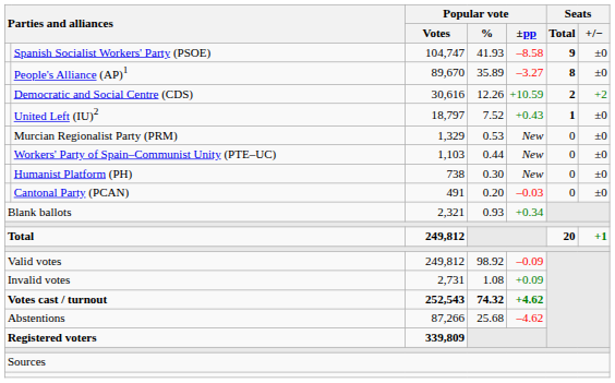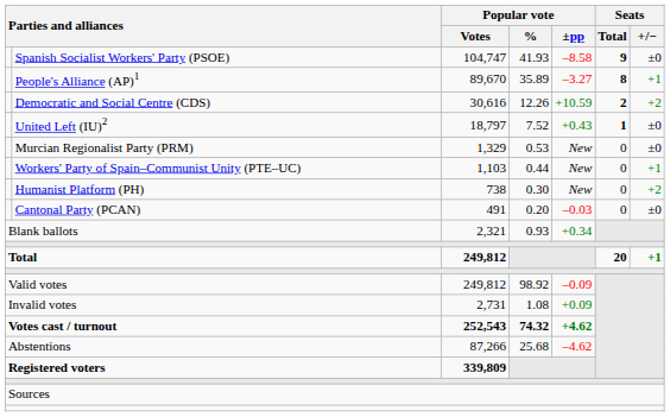 <table class="wikitable" style="text-align:right;">
 <tr>
 <th style="text-align:left;" rowspan="2" colspan="2" width="525">Parties and alliances</th>
 <th colspan="3">Popular vote</th>
 <th colspan="2">Seats</th>
 </tr>
 <tr>
 <th width="75">Votes</th>
 <th width="45">%</th>
 <th width="45">±<a href='#'>pp</a></th>
 <th width="35">Total</th>
 <th width="35">+/−</th>
 </tr>
 <tr>
 <td width="1" style="color:inherit;background:"></td>
 <td align="left"><a href='#'>Spanish Socialist Workers' Party</a> (PSOE)</td>
 <td>104,747</td>
 <td>41.93</td>
 <td style="color:red;">–8.58</td>
 <td><strong>9</strong></td>
 <td>±0</td>
 </tr>
 <tr>
 <td style="color:inherit;background:"></td>
 <td align="left"><a href='#'>People's Alliance</a> (AP)<sup>1</sup></td>
 <td>89,670</td>
 <td>35.89</td>
 <td style="color:red;">–3.27</td>
 <td><strong>8</strong></td>
-<td>±0</td>
+<td style="color:green;">+1</td>
 </tr>
 <tr>
 <td style="color:inherit;background:"></td>
 <td align="left"><a href='#'>Democratic and Social Centre</a> (CDS)</td>
 <td>30,616</td>
 <td>12.26</td>
 <td style="color:green;">+10.59</td>
 <td><strong>2</strong></td>
 <td style="color:green;">+2</td>
 </tr>
 <tr>
 <td style="color:inherit;background:"></td>
 <td align="left"><a href='#'>United Left</a> (IU)<sup>2</sup></td>
 <td>18,797</td>
 <td>7.52</td>
 <td style="color:green;">+0.43</td>
 <td><strong>1</strong></td>
 <td>±0</td>
 </tr>
 <tr>
 <td style="color:inherit;background:"></td>
 <td align="left">Murcian Regionalist Party (PRM)</td>
 <td>1,329</td>
 <td>0.53</td>
 <td><em>New</em></td>
 <td>0</td>
 <td>±0</td>
 </tr>
 <tr>
 <td style="color:inherit;background:"></td>
 <td align="left"><a href='#'>Workers' Party of Spain–Communist Unity</a> (PTE–UC)</td>
 <td>1,103</td>
 <td>0.44</td>
 <td><em>New</em></td>
 <td>0</td>
-<td>±0</td>
+<td style="color:green;">+1</td>
 </tr>
 <tr>
 <td style="color:inherit;background:"></td>
 <td align="left"><a href='#'>Humanist Platform</a> (PH)</td>
 <td>738</td>
 <td>0.30</td>
 <td><em>New</em></td>
 <td>0</td>
-<td>±0</td>
+<td style="color:green;">+2</td>
 </tr>
 <tr>
 <td style="color:inherit;background:"></td>
 <td align="left"><a href='#'>Cantonal Party</a> (PCAN)</td>
 <td>491</td>
 <td>0.20</td>
 <td style="color:red;">–0.03</td>
 <td>0</td>
 <td>±0</td>
 </tr>
 <tr>
 <td align="left" colspan="2">Blank ballots</td>
 <td>2,321</td>
 <td>0.93</td>
 <td style="color:green;">+0.34</td>
 <td bgcolor="#E9E9E9" colspan="2"></td>
 </tr>
 <tr>
 <td colspan="7" bgcolor="#E9E9E9"></td>
 </tr>
 <tr style="font-weight:bold;">
 <td align="left" colspan="2">Total</td>
 <td>249,812</td>
 <td bgcolor="#E9E9E9" colspan="2"></td>
 <td>20</td>
 <td style="color:green;">+1</td>
 </tr>
 <tr>
 <td colspan="7" bgcolor="#E9E9E9"></td>
 </tr>
 <tr>
 <td align="left" colspan="2">Valid votes</td>
 <td>249,812</td>
 <td>98.92</td>
 <td style="color:red;">–0.09</td>
 <td bgcolor="#E9E9E9" colspan="2" rowspan="5"></td>
 </tr>
 <tr>
 <td align="left" colspan="2">Invalid votes</td>
 <td>2,731</td>
 <td>1.08</td>
 <td style="color:green;">+0.09</td>
 </tr>
 <tr style="font-weight:bold;">
 <td align="left" colspan="2">Votes cast / turnout</td>
 <td>252,543</td>
 <td>74.32</td>
 <td style="color:green;">+4.62</td>
 </tr>
 <tr>
 <td align="left" colspan="2">Abstentions</td>
 <td>87,266</td>
 <td>25.68</td>
 <td style="color:red;">–4.62</td>
 </tr>
 <tr style="font-weight:bold;">
 <td align="left" colspan="2">Registered voters</td>
 <td>339,809</td>
 <td bgcolor="#E9E9E9" colspan="2"></td>
 </tr>
 <tr>
 <td colspan="7" bgcolor="#E9E9E9"></td>
 </tr>
 <tr>
 <td align="left" colspan="7">Sources</td>
 </tr>
 <tr>
 <td colspan="7" style="text-align:left; max-width:790px;"></td>
 </tr>
 </table>
